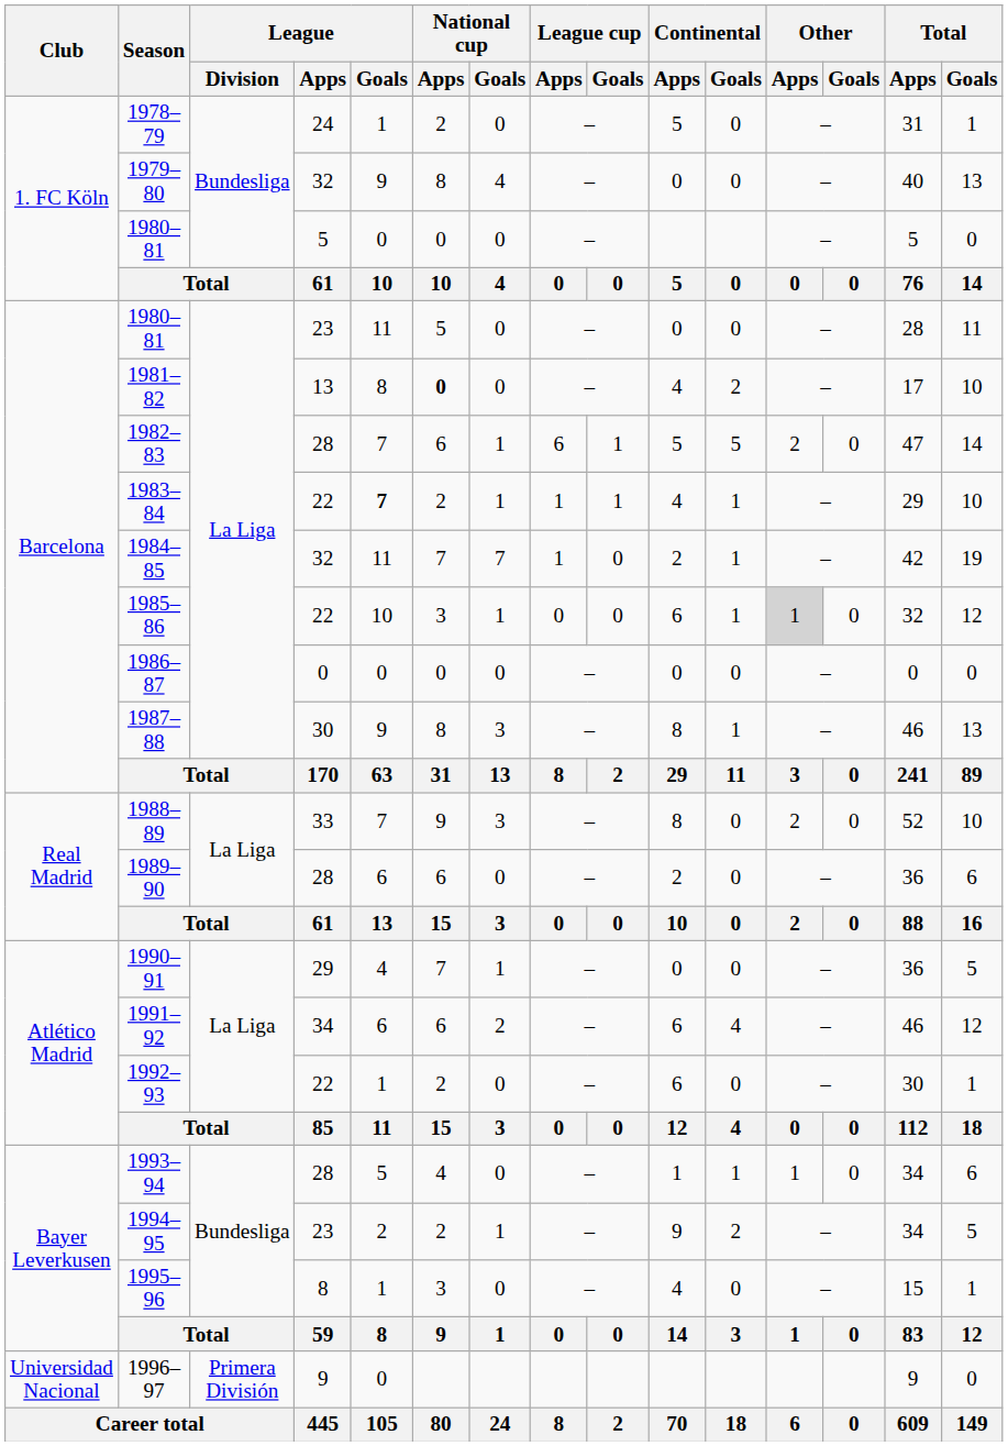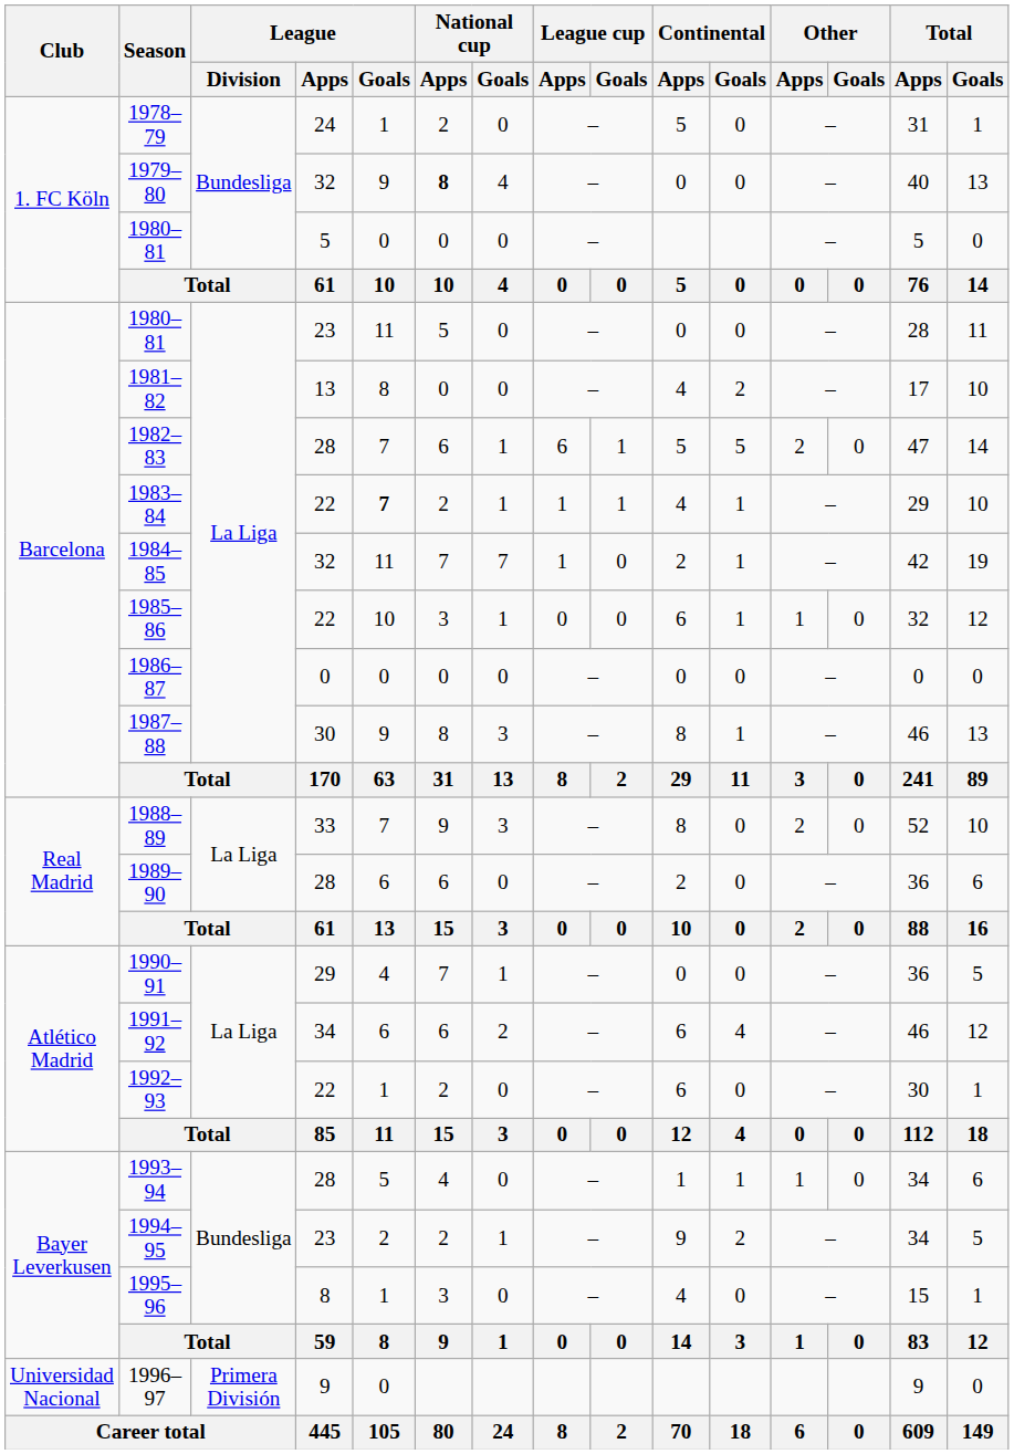 <table class="wikitable" style="text-align:center">
 <tr>
 <th rowspan="2">Club</th>
 <th rowspan="2">Season</th>
 <th colspan="3">League</th>
 <th colspan="2">National cup</th>
 <th colspan="2">League cup</th>
 <th colspan="2">Continental</th>
 <th colspan="2">Other</th>
 <th colspan="2">Total</th>
 </tr>
 <tr>
 <th>Division</th>
 <th>Apps</th>
 <th>Goals</th>
 <th>Apps</th>
 <th>Goals</th>
 <th>Apps</th>
 <th>Goals</th>
 <th>Apps</th>
 <th>Goals</th>
 <th>Apps</th>
 <th>Goals</th>
 <th>Apps</th>
 <th>Goals</th>
 </tr>
 <tr>
 <td rowspan="4"><a href='#'>1. FC Köln</a></td>
 <td><a href='#'>1978–79</a></td>
 <td rowspan="3"><a href='#'>Bundesliga</a></td>
 <td>24</td>
 <td>1</td>
 <td>2</td>
 <td>0</td>
 <td colspan="2">–</td>
 <td>5</td>
 <td>0</td>
 <td colspan="2">–</td>
 <td>31</td>
 <td>1</td>
 </tr>
 <tr>
 <td><a href='#'>1979–80</a></td>
 <td>32</td>
 <td>9</td>
-<td>8</td>
+<td><strong>8</strong></td>
 <td>4</td>
 <td colspan="2">–</td>
 <td>0</td>
 <td>0</td>
 <td colspan="2">–</td>
 <td>40</td>
 <td>13</td>
 </tr>
 <tr>
 <td><a href='#'>1980–81</a></td>
 <td>5</td>
 <td>0</td>
 <td>0</td>
 <td>0</td>
 <td colspan="2">–</td>
 <td></td>
 <td></td>
 <td colspan="2">–</td>
 <td>5</td>
 <td>0</td>
 </tr>
 <tr>
 <th colspan="2">Total</th>
 <th>61</th>
 <th>10</th>
 <th>10</th>
 <th>4</th>
 <th>0</th>
 <th>0</th>
 <th>5</th>
 <th>0</th>
 <th>0</th>
 <th>0</th>
 <th>76</th>
 <th>14</th>
 </tr>
 <tr>
 <td rowspan="9"><a href='#'>Barcelona</a></td>
 <td><a href='#'>1980–81</a></td>
 <td rowspan="8"><a href='#'>La Liga</a></td>
 <td>23</td>
 <td>11</td>
 <td>5</td>
 <td>0</td>
 <td colspan="2">–</td>
 <td>0</td>
 <td>0</td>
 <td colspan="2">–</td>
 <td>28</td>
 <td>11</td>
 </tr>
 <tr>
 <td><a href='#'>1981–82</a></td>
 <td>13</td>
 <td>8</td>
-<td><strong>0</strong></td>
+<td>0</td>
 <td>0</td>
 <td colspan="2">–</td>
 <td>4</td>
 <td>2</td>
 <td colspan="2">–</td>
 <td>17</td>
 <td>10</td>
 </tr>
 <tr>
 <td><a href='#'>1982–83</a></td>
 <td>28</td>
 <td>7</td>
 <td>6</td>
 <td>1</td>
 <td>6</td>
 <td>1</td>
 <td>5</td>
 <td>5</td>
 <td>2</td>
 <td>0</td>
 <td>47</td>
 <td>14</td>
 </tr>
 <tr>
 <td><a href='#'>1983–84</a></td>
 <td>22</td>
 <td><strong>7</strong></td>
 <td>2</td>
 <td>1</td>
 <td>1</td>
 <td>1</td>
 <td>4</td>
 <td>1</td>
 <td colspan="2">–</td>
 <td>29</td>
 <td>10</td>
 </tr>
 <tr>
 <td><a href='#'>1984–85</a></td>
 <td>32</td>
 <td>11</td>
 <td>7</td>
 <td>7</td>
 <td>1</td>
 <td>0</td>
 <td>2</td>
 <td>1</td>
 <td colspan="2">–</td>
 <td>42</td>
 <td>19</td>
 </tr>
 <tr>
 <td><a href='#'>1985–86</a></td>
 <td>22</td>
 <td>10</td>
 <td>3</td>
 <td>1</td>
 <td>0</td>
 <td>0</td>
 <td>6</td>
 <td>1</td>
-<td style="background: lightgrey;">1</td>
+<td>1</td>
 <td>0</td>
 <td>32</td>
 <td>12</td>
 </tr>
 <tr>
 <td><a href='#'>1986–87</a></td>
 <td>0</td>
 <td>0</td>
 <td>0</td>
 <td>0</td>
 <td colspan="2">–</td>
 <td>0</td>
 <td>0</td>
 <td colspan="2">–</td>
 <td>0</td>
 <td>0</td>
 </tr>
 <tr>
 <td><a href='#'>1987–88</a></td>
 <td>30</td>
 <td>9</td>
 <td>8</td>
 <td>3</td>
 <td colspan="2">–</td>
 <td>8</td>
 <td>1</td>
 <td colspan="2">–</td>
 <td>46</td>
 <td>13</td>
 </tr>
 <tr>
 <th colspan="2">Total</th>
 <th>170</th>
 <th>63</th>
 <th>31</th>
 <th>13</th>
 <th>8</th>
 <th>2</th>
 <th>29</th>
 <th>11</th>
 <th>3</th>
 <th>0</th>
 <th>241</th>
 <th>89</th>
 </tr>
 <tr>
 <td rowspan="3"><a href='#'>Real Madrid</a></td>
 <td><a href='#'>1988–89</a></td>
 <td rowspan="2">La Liga</td>
 <td>33</td>
 <td>7</td>
 <td>9</td>
 <td>3</td>
 <td colspan="2">–</td>
 <td>8</td>
 <td>0</td>
 <td>2</td>
 <td>0</td>
 <td>52</td>
 <td>10</td>
 </tr>
 <tr>
 <td><a href='#'>1989–90</a></td>
 <td>28</td>
 <td>6</td>
 <td>6</td>
 <td>0</td>
 <td colspan="2">–</td>
 <td>2</td>
 <td>0</td>
 <td colspan="2">–</td>
 <td>36</td>
 <td>6</td>
 </tr>
 <tr>
 <th colspan="2">Total</th>
 <th>61</th>
 <th>13</th>
 <th>15</th>
 <th>3</th>
 <th>0</th>
 <th>0</th>
 <th>10</th>
 <th>0</th>
 <th>2</th>
 <th>0</th>
 <th>88</th>
 <th>16</th>
 </tr>
 <tr>
 <td rowspan="4"><a href='#'>Atlético Madrid</a></td>
 <td><a href='#'>1990–91</a></td>
 <td rowspan="3">La Liga</td>
 <td>29</td>
 <td>4</td>
 <td>7</td>
 <td>1</td>
 <td colspan="2">–</td>
 <td>0</td>
 <td>0</td>
 <td colspan="2">–</td>
 <td>36</td>
 <td>5</td>
 </tr>
 <tr>
 <td><a href='#'>1991–92</a></td>
 <td>34</td>
 <td>6</td>
 <td>6</td>
 <td>2</td>
 <td colspan="2">–</td>
 <td>6</td>
 <td>4</td>
 <td colspan="2">–</td>
 <td>46</td>
 <td>12</td>
 </tr>
 <tr>
 <td><a href='#'>1992–93</a></td>
 <td>22</td>
 <td>1</td>
 <td>2</td>
 <td>0</td>
 <td colspan="2">–</td>
 <td>6</td>
 <td>0</td>
 <td colspan="2">–</td>
 <td>30</td>
 <td>1</td>
 </tr>
 <tr>
 <th colspan="2">Total</th>
 <th>85</th>
 <th>11</th>
 <th>15</th>
 <th>3</th>
 <th>0</th>
 <th>0</th>
 <th>12</th>
 <th>4</th>
 <th>0</th>
 <th>0</th>
 <th>112</th>
 <th>18</th>
 </tr>
 <tr>
 <td rowspan="4"><a href='#'>Bayer Leverkusen</a></td>
 <td><a href='#'>1993–94</a></td>
 <td rowspan="3">Bundesliga</td>
 <td>28</td>
 <td>5</td>
 <td>4</td>
 <td>0</td>
 <td colspan="2">–</td>
 <td>1</td>
 <td>1</td>
 <td>1</td>
 <td>0</td>
 <td>34</td>
 <td>6</td>
 </tr>
 <tr>
 <td><a href='#'>1994–95</a></td>
 <td>23</td>
 <td>2</td>
 <td>2</td>
 <td>1</td>
 <td colspan="2">–</td>
 <td>9</td>
 <td>2</td>
 <td colspan="2">–</td>
 <td>34</td>
 <td>5</td>
 </tr>
 <tr>
 <td><a href='#'>1995–96</a></td>
 <td>8</td>
 <td>1</td>
 <td>3</td>
 <td>0</td>
 <td colspan="2">–</td>
 <td>4</td>
 <td>0</td>
 <td colspan="2">–</td>
 <td>15</td>
 <td>1</td>
 </tr>
 <tr>
 <th colspan="2">Total</th>
 <th>59</th>
 <th>8</th>
 <th>9</th>
 <th>1</th>
 <th>0</th>
 <th>0</th>
 <th>14</th>
 <th>3</th>
 <th>1</th>
 <th>0</th>
 <th>83</th>
 <th>12</th>
 </tr>
 <tr>
 <td><a href='#'>Universidad Nacional</a></td>
 <td>1996–97</td>
 <td><a href='#'>Primera División</a></td>
 <td>9</td>
 <td>0</td>
 <td></td>
 <td></td>
 <td></td>
 <td></td>
 <td></td>
 <td></td>
 <td></td>
 <td></td>
 <td>9</td>
 <td>0</td>
 </tr>
 <tr>
 <th colspan="3">Career total</th>
 <th>445</th>
 <th>105</th>
 <th>80</th>
 <th>24</th>
 <th>8</th>
 <th>2</th>
 <th>70</th>
 <th>18</th>
 <th>6</th>
 <th>0</th>
 <th>609</th>
 <th>149</th>
 </tr>
 </table>
